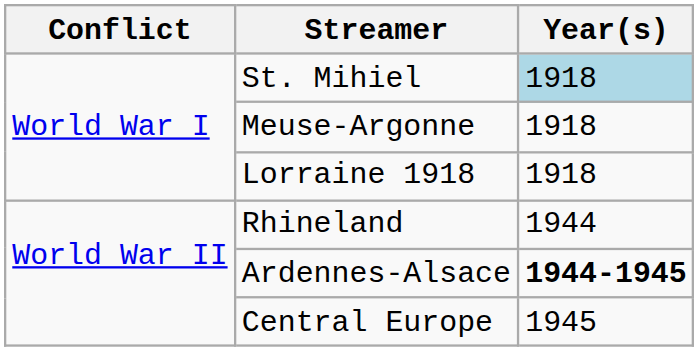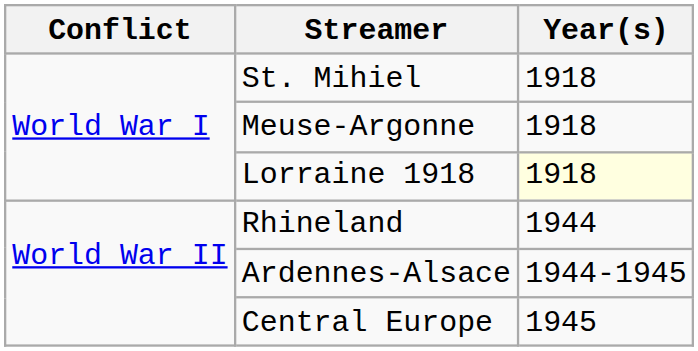 <table class=wikitable>
 <tr style="background:#efefef;">
 <th>Conflict</th>
 <th>Streamer</th>
 <th>Year(s)</th>
 </tr>
 <tr>
 <td rowspan="3"><a href='#'>World War I</a> <br> </td>
 <td>St. Mihiel</td>
-<td style="background: lightblue;">1918</td>
+<td>1918</td>
 </tr>
 <tr>
 <td>Meuse-Argonne</td>
 <td>1918</td>
 </tr>
 <tr>
 <td>Lorraine 1918</td>
-<td>1918</td>
+<td style="background: lightyellow;">1918</td>
 </tr>
 <tr>
 <td rowspan="3"><a href='#'>World War II</a> <br> <br> </td>
 <td>Rhineland</td>
 <td>1944</td>
 </tr>
 <tr>
 <td>Ardennes-Alsace</td>
-<td><strong>1944-1945</strong></td>
+<td>1944-1945</td>
 </tr>
 <tr>
 <td>Central Europe</td>
 <td>1945</td>
 </tr>
 </table>
